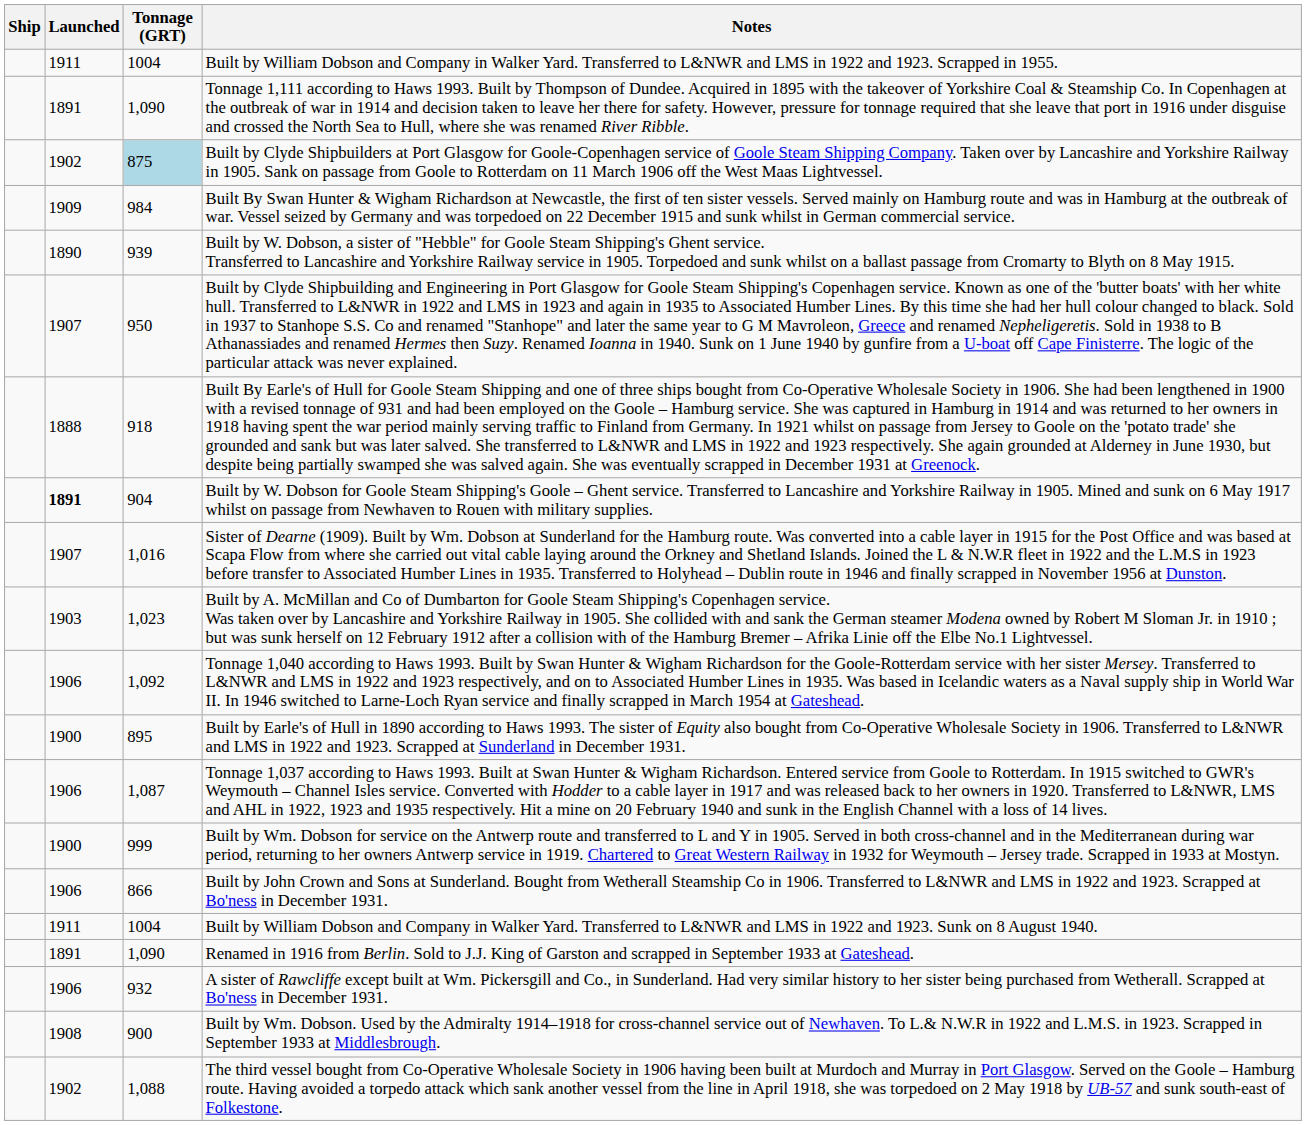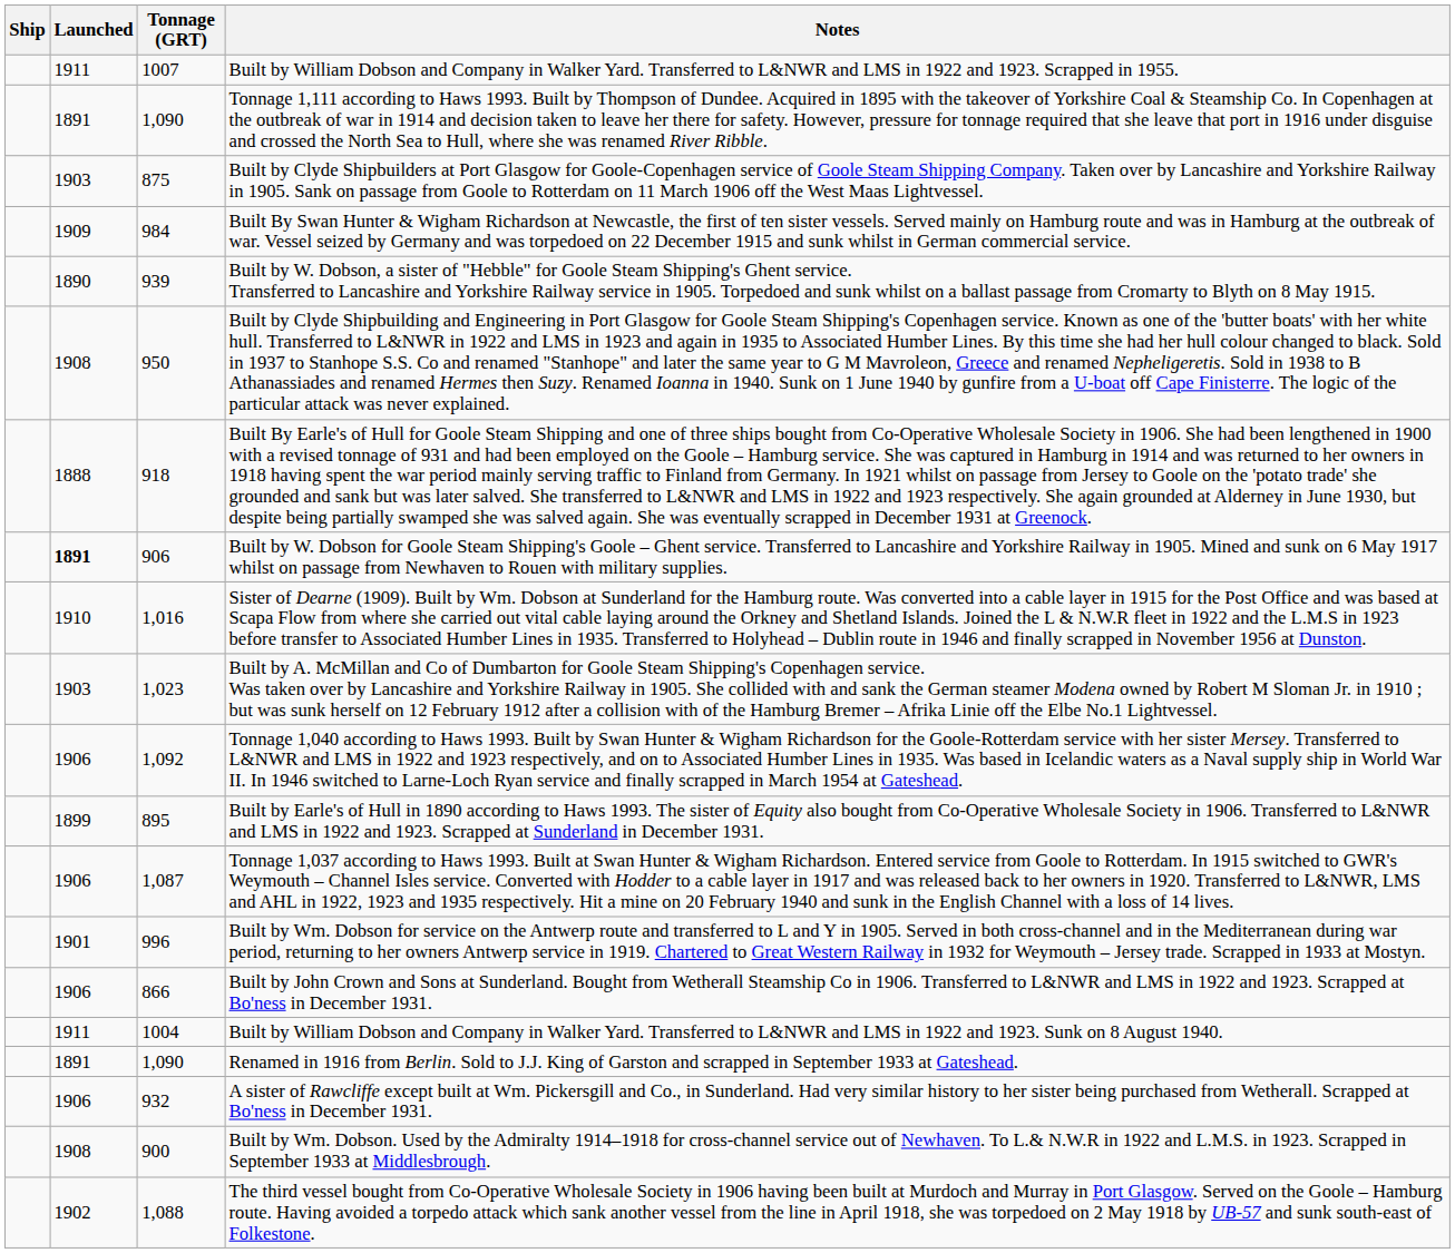 <table class="wikitable">
 <tr>
 <th>Ship</th>
 <th>Launched</th>
 <th>Tonnage (GRT)</th>
 <th>Notes</th>
 </tr>
 <tr>
 <td></td>
 <td>1911</td>
-<td>1004</td>
+<td>1007</td>
 <td>Built by William Dobson and Company in Walker Yard. Transferred to L&NWR and LMS in 1922 and 1923. Scrapped in 1955.</td>
 </tr>
 <tr>
 <td></td>
 <td>1891</td>
 <td>1,090</td>
 <td>Tonnage 1,111 according to Haws 1993. Built by Thompson of Dundee. Acquired in 1895 with the takeover of Yorkshire Coal & Steamship Co.  In Copenhagen at the outbreak of war in 1914 and decision taken to leave her there for safety. However, pressure for tonnage required that she leave that port in 1916 under disguise and crossed the North Sea to Hull, where she was renamed <em>River Ribble</em>.</td>
 </tr>
 <tr>
 <td></td>
-<td>1902</td>
-<td style="background: lightblue;">875</td>
+<td>1903</td>
+<td>875</td>
 <td>Built by Clyde Shipbuilders at Port Glasgow for Goole-Copenhagen service of <a href='#'>Goole Steam Shipping Company</a>. Taken over by Lancashire and Yorkshire Railway in 1905. Sank on passage from Goole to Rotterdam on 11 March 1906 off the West Maas Lightvessel.</td>
 </tr>
 <tr>
 <td></td>
 <td>1909</td>
 <td>984</td>
 <td>Built By Swan Hunter & Wigham Richardson at Newcastle, the first of ten sister vessels. Served mainly on Hamburg route and was in Hamburg at the outbreak of war. Vessel seized by Germany and was torpedoed on 22 December 1915 and sunk whilst in German commercial service.</td>
 </tr>
 <tr>
 <td></td>
 <td>1890</td>
 <td>939</td>
 <td>Built by W. Dobson, a sister of "Hebble" for Goole Steam Shipping's Ghent service.<br>Transferred to Lancashire and Yorkshire Railway service in 1905.  Torpedoed and sunk whilst on a ballast passage from Cromarty to Blyth on 8 May 1915.</td>
 </tr>
 <tr>
 <td></td>
-<td>1907</td>
+<td>1908</td>
 <td>950</td>
 <td>Built by Clyde Shipbuilding and Engineering in Port Glasgow for Goole Steam Shipping's Copenhagen service.  Known as one of the 'butter boats'  with her white hull. Transferred to L&NWR in 1922 and LMS in 1923 and again in 1935 to Associated Humber Lines. By this time she had her hull colour changed to black. Sold in 1937 to Stanhope S.S. Co and renamed "Stanhope" and later the same year to G M Mavroleon, <a href='#'>Greece</a> and renamed <em>Nepheligeretis</em>. Sold in 1938 to B Athanassiades and renamed <em>Hermes</em> then <em>Suzy</em>. Renamed <em>Ioanna</em> in 1940. Sunk on 1 June 1940 by gunfire from a <a href='#'>U-boat</a> off <a href='#'>Cape Finisterre</a>. The logic of the particular attack was never explained.</td>
 </tr>
 <tr>
 <td></td>
 <td>1888</td>
 <td>918</td>
 <td>Built By Earle's of Hull for Goole Steam Shipping and one of three ships bought from Co-Operative Wholesale Society in 1906. She had been lengthened in 1900 with a revised tonnage of 931 and had been employed on the Goole – Hamburg service. She was captured in Hamburg in 1914 and was returned to her owners in 1918 having spent the war period mainly serving traffic to Finland from Germany. In 1921 whilst on passage from Jersey to Goole on the 'potato trade' she grounded and sank but was later salved. She transferred to L&NWR and LMS in 1922 and 1923 respectively.  She again grounded at Alderney in June 1930, but despite being partially swamped she was salved again. She was eventually scrapped in December 1931 at <a href='#'>Greenock</a>.</td>
 </tr>
 <tr>
 <td></td>
 <td><strong>1891</strong></td>
-<td>904</td>
+<td>906</td>
 <td>Built by W. Dobson for Goole Steam Shipping's Goole – Ghent service. Transferred to Lancashire and Yorkshire Railway in 1905. Mined and sunk on 6 May 1917 whilst on passage from Newhaven to Rouen with military supplies.</td>
 </tr>
 <tr>
 <td></td>
-<td>1907</td>
+<td>1910</td>
 <td>1,016</td>
 <td>Sister of <em>Dearne</em> (1909). Built by Wm. Dobson at Sunderland for the Hamburg route. Was converted into a cable layer in 1915 for the Post Office and was based at Scapa Flow from where she carried out vital cable laying around the Orkney and Shetland Islands. Joined the L & N.W.R fleet in 1922 and the L.M.S in 1923 before transfer to Associated Humber Lines in 1935. Transferred to Holyhead – Dublin route in 1946 and finally scrapped in November 1956 at <a href='#'>Dunston</a>.</td>
 </tr>
 <tr>
 <td></td>
 <td>1903</td>
 <td>1,023</td>
 <td>Built by A. McMillan and Co of Dumbarton for Goole Steam Shipping's Copenhagen service.<br>Was taken over by Lancashire and Yorkshire Railway in 1905. She collided with and sank the German steamer <em>Modena</em> owned by Robert M Sloman Jr.  in 1910 ; but was sunk herself on 12 February 1912 after a collision with  of the Hamburg Bremer – Afrika Linie off the Elbe No.1 Lightvessel.</td>
 </tr>
 <tr>
 <td></td>
 <td>1906</td>
 <td>1,092</td>
 <td>Tonnage 1,040 according to Haws 1993. Built by Swan Hunter & Wigham Richardson for the Goole-Rotterdam service with her sister <em>Mersey</em>. Transferred to L&NWR and LMS in 1922 and 1923 respectively, and on to Associated Humber Lines in 1935. Was based in Icelandic waters as a Naval supply ship in World War II. In 1946 switched to Larne-Loch Ryan service and finally scrapped in March 1954 at <a href='#'>Gateshead</a>.</td>
 </tr>
 <tr>
 <td></td>
-<td>1900</td>
+<td>1899</td>
 <td>895</td>
 <td>Built by Earle's of Hull in 1890 according to Haws 1993. The sister of <em>Equity</em> also bought from Co-Operative Wholesale Society in 1906. Transferred to L&NWR and LMS in 1922 and 1923. Scrapped at <a href='#'>Sunderland</a> in December 1931.</td>
 </tr>
 <tr>
 <td></td>
 <td>1906</td>
 <td>1,087</td>
 <td>Tonnage 1,037 according to Haws 1993. Built at Swan Hunter & Wigham Richardson. Entered service from Goole to Rotterdam. In 1915 switched to GWR's Weymouth – Channel Isles service. Converted with <em>Hodder</em> to a cable layer in 1917 and was released back to her owners in 1920. Transferred to L&NWR, LMS and AHL in 1922, 1923 and 1935 respectively. Hit a mine on 20 February 1940 and sunk in the English Channel with a loss of 14 lives.</td>
 </tr>
 <tr>
 <td></td>
-<td>1900</td>
-<td>999</td>
+<td>1901</td>
+<td>996</td>
 <td>Built by Wm. Dobson for service on the Antwerp route and transferred to L and Y in 1905. Served in both cross-channel and in the Mediterranean during war period, returning to her owners Antwerp service in 1919. <a href='#'>Chartered</a> to <a href='#'>Great Western Railway</a> in 1932 for Weymouth – Jersey trade. Scrapped in 1933 at Mostyn.</td>
 </tr>
 <tr>
 <td></td>
 <td>1906</td>
 <td>866</td>
 <td>Built by John Crown and Sons at Sunderland. Bought from Wetherall Steamship Co in 1906. Transferred to L&NWR and LMS in 1922 and 1923. Scrapped at <a href='#'>Bo'ness</a> in December 1931.</td>
 </tr>
 <tr>
 <td></td>
 <td>1911</td>
 <td>1004</td>
 <td>Built by William Dobson and Company in Walker Yard. Transferred to L&NWR and LMS in 1922 and 1923. Sunk on 8 August 1940.</td>
 </tr>
 <tr>
 <td></td>
 <td>1891</td>
 <td>1,090</td>
 <td>Renamed in 1916 from <em>Berlin</em>. Sold to J.J. King of Garston and scrapped in September 1933 at <a href='#'>Gateshead</a>.</td>
 </tr>
 <tr>
 <td></td>
 <td>1906</td>
 <td>932</td>
 <td>A sister of <em>Rawcliffe</em> except built at Wm. Pickersgill and Co., in Sunderland. Had very similar history to her sister being purchased from Wetherall. Scrapped at <a href='#'>Bo'ness</a> in December 1931.</td>
 </tr>
 <tr>
 <td></td>
 <td>1908</td>
 <td>900</td>
 <td>Built by Wm. Dobson. Used by the Admiralty 1914–1918 for cross-channel service out of <a href='#'>Newhaven</a>. To L.& N.W.R in 1922 and L.M.S. in 1923. Scrapped in September 1933 at <a href='#'>Middlesbrough</a>.</td>
 </tr>
 <tr>
 <td></td>
 <td>1902</td>
 <td>1,088</td>
 <td>The third vessel bought from Co-Operative Wholesale Society in 1906 having been built at Murdoch and Murray in <a href='#'>Port Glasgow</a>. Served on the Goole – Hamburg route. Having avoided a torpedo attack which sank another vessel from the line in April 1918, she was torpedoed on 2 May 1918 by <a href='#'><em>UB-57</em></a> and sunk south-east of <a href='#'>Folkestone</a>.</td>
 </tr>
 </table>
